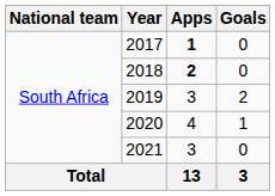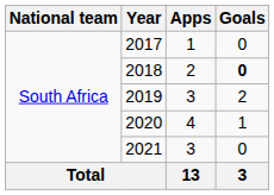 <table class="wikitable" style="text-align:center">
 <tr>
 <th>National team</th>
 <th>Year</th>
 <th>Apps</th>
 <th>Goals</th>
 </tr>
 <tr>
 <td rowspan="5"><a href='#'>South Africa</a></td>
 <td>2017</td>
-<td><strong>1</strong></td>
+<td>1</td>
 <td>0</td>
 </tr>
 <tr>
 <td>2018</td>
-<td><strong>2</strong></td>
-<td>0</td>
+<td>2</td>
+<td><strong>0</strong></td>
 </tr>
 <tr>
 <td>2019</td>
 <td>3</td>
 <td>2</td>
 </tr>
 <tr>
 <td>2020</td>
 <td>4</td>
 <td>1</td>
 </tr>
 <tr>
 <td>2021</td>
 <td>3</td>
 <td>0</td>
 </tr>
 <tr>
 <th colspan="2">Total</th>
 <th>13</th>
 <th>3</th>
 </tr>
 </table>
